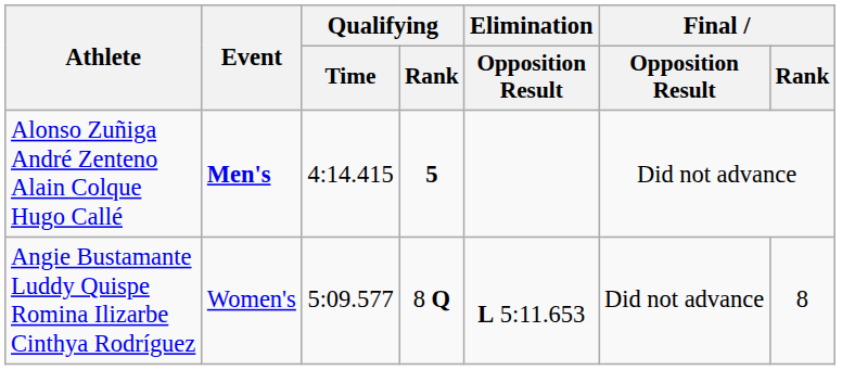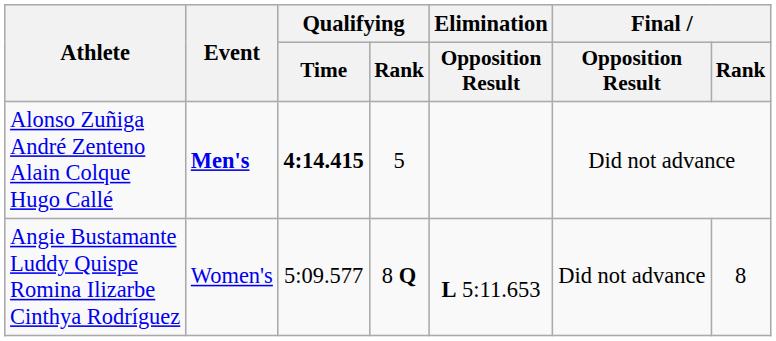 <table class=wikitable style=font-size:90%;text-align:center>
 <tr>
 <th rowspan=2>Athlete</th>
 <th rowspan=2>Event</th>
 <th colspan=2>Qualifying</th>
 <th>Elimination</th>
 <th colspan=2>Final / </th>
 </tr>
 <tr style=font-size:95%>
 <th>Time</th>
 <th>Rank</th>
 <th>Opposition<br>Result</th>
 <th>Opposition<br>Result</th>
 <th>Rank</th>
 </tr>
 <tr>
 <td align=left><a href='#'>Alonso Zuñiga</a><br><a href='#'>André Zenteno</a><br><a href='#'>Alain Colque</a><br><a href='#'>Hugo Callé</a></td>
 <td align=left><strong><a href='#'>Men's</a></strong></td>
-<td>4:14.415</td>
-<td><strong>5</strong></td>
+<td><strong>4:14.415</strong></td>
+<td>5</td>
 <td></td>
 <td colspan=2>Did not advance</td>
 </tr>
 <tr>
 <td align=left><a href='#'>Angie Bustamante</a><br><a href='#'>Luddy Quispe</a><br><a href='#'>Romina Ilizarbe</a><br><a href='#'>Cinthya Rodríguez</a></td>
 <td align=left><a href='#'>Women's</a></td>
 <td>5:09.577</td>
 <td>8 <strong>Q</strong></td>
 <td><br><strong>L</strong> 5:11.653</td>
 <td>Did not advance</td>
 <td>8</td>
 </tr>
 </table>
